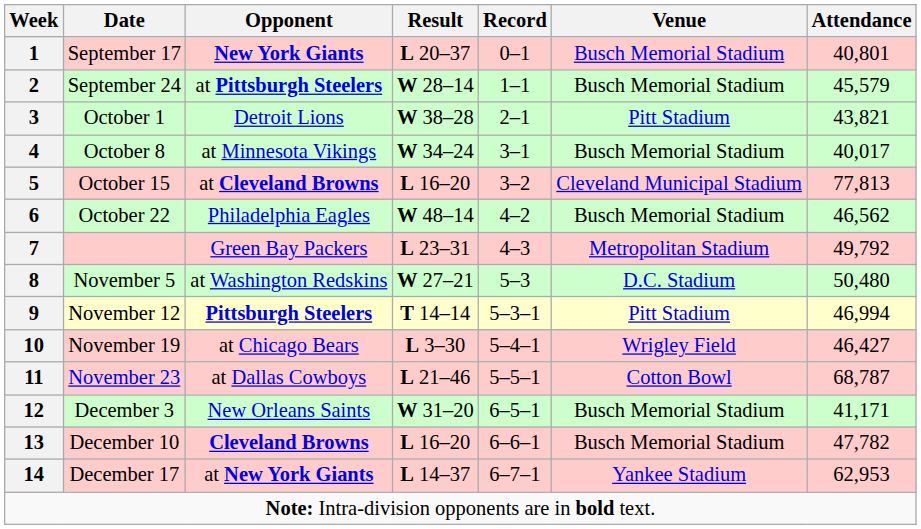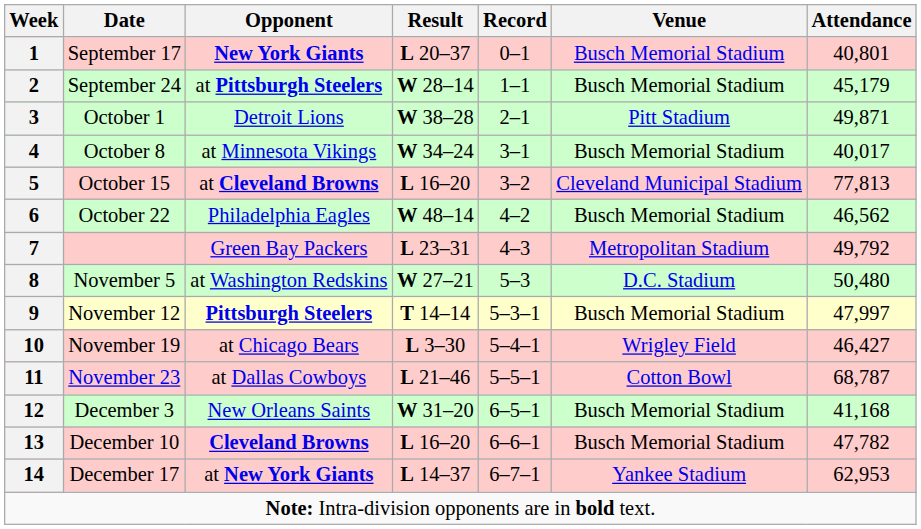 <table class="wikitable" style="text-align:center">
 <tr>
 <th>Week</th>
 <th>Date</th>
 <th>Opponent</th>
 <th>Result</th>
 <th>Record</th>
 <th>Venue</th>
 <th>Attendance</th>
 </tr>
 <tr style="background:#fcc">
 <th>1</th>
 <td>September 17</td>
 <td><strong><a href='#'>New York Giants</a></strong></td>
 <td><strong>L</strong> 20–37</td>
 <td>0–1</td>
 <td><a href='#'>Busch Memorial Stadium</a></td>
 <td>40,801</td>
 </tr>
 <tr style="background:#cfc">
 <th>2</th>
 <td>September 24</td>
 <td>at <strong><a href='#'>Pittsburgh Steelers</a></strong></td>
 <td><strong>W</strong> 28–14</td>
 <td>1–1</td>
 <td>Busch Memorial Stadium</td>
-<td>45,579</td>
+<td>45,179</td>
 </tr>
 <tr style="background:#cfc">
 <th>3</th>
 <td>October 1</td>
 <td><a href='#'>Detroit Lions</a></td>
 <td><strong>W</strong> 38–28</td>
 <td>2–1</td>
 <td><a href='#'>Pitt Stadium</a></td>
-<td>43,821</td>
+<td>49,871</td>
 </tr>
 <tr style="background:#cfc">
 <th>4</th>
 <td>October 8</td>
 <td>at <a href='#'>Minnesota Vikings</a></td>
 <td><strong>W</strong> 34–24</td>
 <td>3–1</td>
 <td>Busch Memorial Stadium</td>
 <td>40,017</td>
 </tr>
 <tr style="background:#fcc">
 <th>5</th>
 <td>October 15</td>
 <td>at <strong><a href='#'>Cleveland Browns</a></strong></td>
 <td><strong>L</strong> 16–20</td>
 <td>3–2</td>
 <td><a href='#'>Cleveland Municipal Stadium</a></td>
 <td>77,813</td>
 </tr>
 <tr style="background:#cfc">
 <th>6</th>
 <td>October 22</td>
 <td><a href='#'>Philadelphia Eagles</a></td>
 <td><strong>W</strong> 48–14</td>
 <td>4–2</td>
 <td>Busch Memorial Stadium</td>
 <td>46,562</td>
 </tr>
 <tr style="background:#fcc">
 <th>7</th>
 <td></td>
 <td><a href='#'>Green Bay Packers</a></td>
 <td><strong>L</strong> 23–31</td>
 <td>4–3</td>
 <td><a href='#'>Metropolitan Stadium</a></td>
 <td>49,792</td>
 </tr>
 <tr style="background:#cfc">
 <th>8</th>
 <td>November 5</td>
 <td>at <a href='#'>Washington Redskins</a></td>
 <td><strong>W</strong> 27–21</td>
 <td>5–3</td>
 <td><a href='#'>D.C. Stadium</a></td>
 <td>50,480</td>
 </tr>
 <tr style="background:#ffc">
 <th>9</th>
 <td>November 12</td>
 <td><strong><a href='#'>Pittsburgh Steelers</a></strong></td>
 <td><strong>T</strong> 14–14</td>
 <td>5–3–1</td>
-<td><a href='#'>Pitt Stadium</a></td>
-<td>46,994</td>
+<td>Busch Memorial Stadium</td>
+<td>47,997</td>
 </tr>
 <tr style="background:#fcc">
 <th>10</th>
 <td>November 19</td>
 <td>at <a href='#'>Chicago Bears</a></td>
 <td><strong>L</strong> 3–30</td>
 <td>5–4–1</td>
 <td><a href='#'>Wrigley Field</a></td>
 <td>46,427</td>
 </tr>
 <tr style="background:#fcc">
 <th>11</th>
 <td><a href='#'>November 23</a></td>
 <td>at <a href='#'>Dallas Cowboys</a></td>
 <td><strong>L</strong> 21–46</td>
 <td>5–5–1</td>
 <td><a href='#'>Cotton Bowl</a></td>
 <td>68,787</td>
 </tr>
 <tr style="background:#cfc">
 <th>12</th>
 <td>December 3</td>
 <td><a href='#'>New Orleans Saints</a></td>
 <td><strong>W</strong> 31–20</td>
 <td>6–5–1</td>
 <td>Busch Memorial Stadium</td>
-<td>41,171</td>
+<td>41,168</td>
 </tr>
 <tr style="background:#fcc">
 <th>13</th>
 <td>December 10</td>
 <td><strong><a href='#'>Cleveland Browns</a></strong></td>
 <td><strong>L</strong> 16–20</td>
 <td>6–6–1</td>
 <td>Busch Memorial Stadium</td>
 <td>47,782</td>
 </tr>
 <tr style="background:#fcc">
 <th>14</th>
 <td>December 17</td>
 <td>at <strong><a href='#'>New York Giants</a></strong></td>
 <td><strong>L</strong> 14–37</td>
 <td>6–7–1</td>
 <td><a href='#'>Yankee Stadium</a></td>
 <td>62,953</td>
 </tr>
 <tr>
 <td colspan="8"><strong>Note:</strong> Intra-division opponents are in <strong>bold</strong> text.</td>
 </tr>
 </table>
